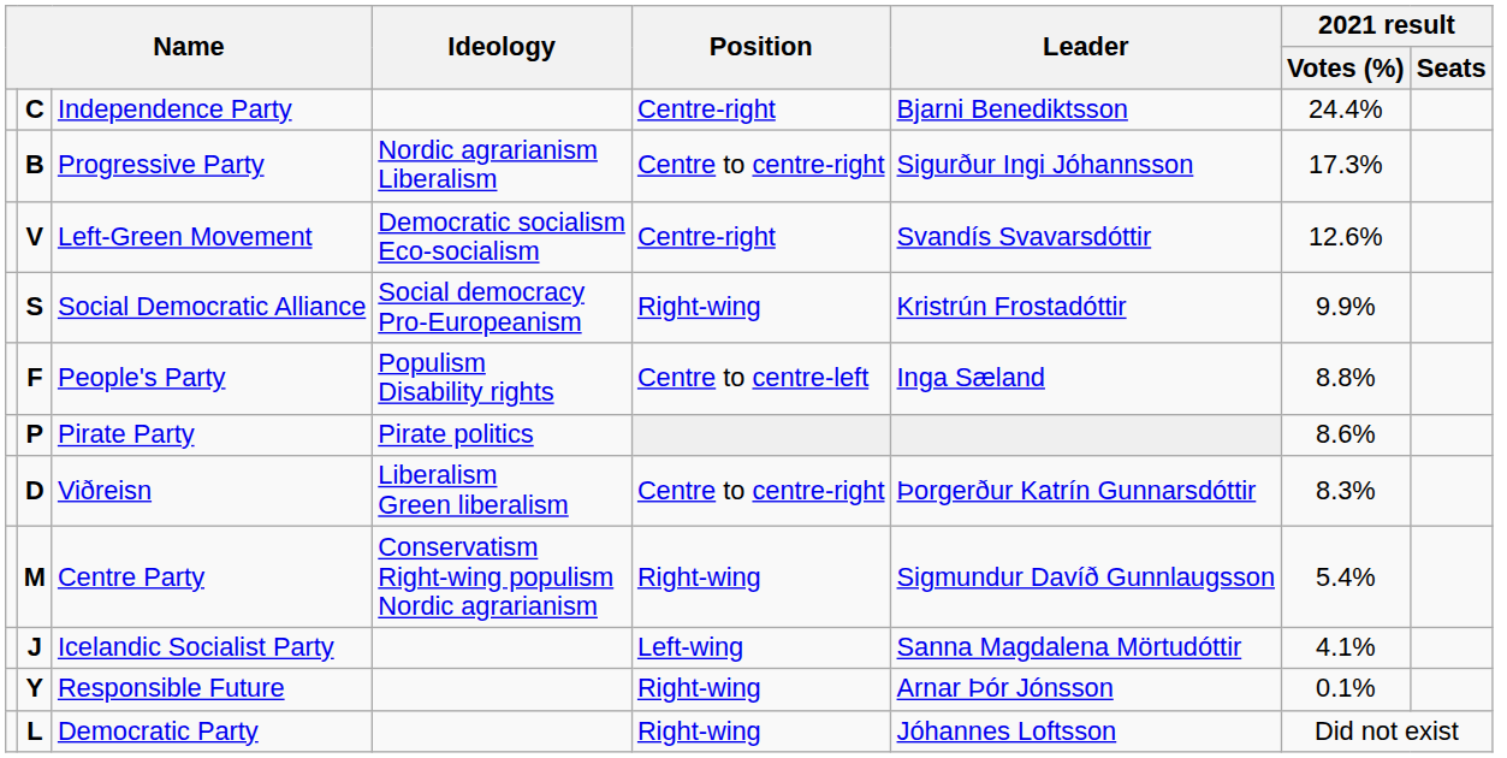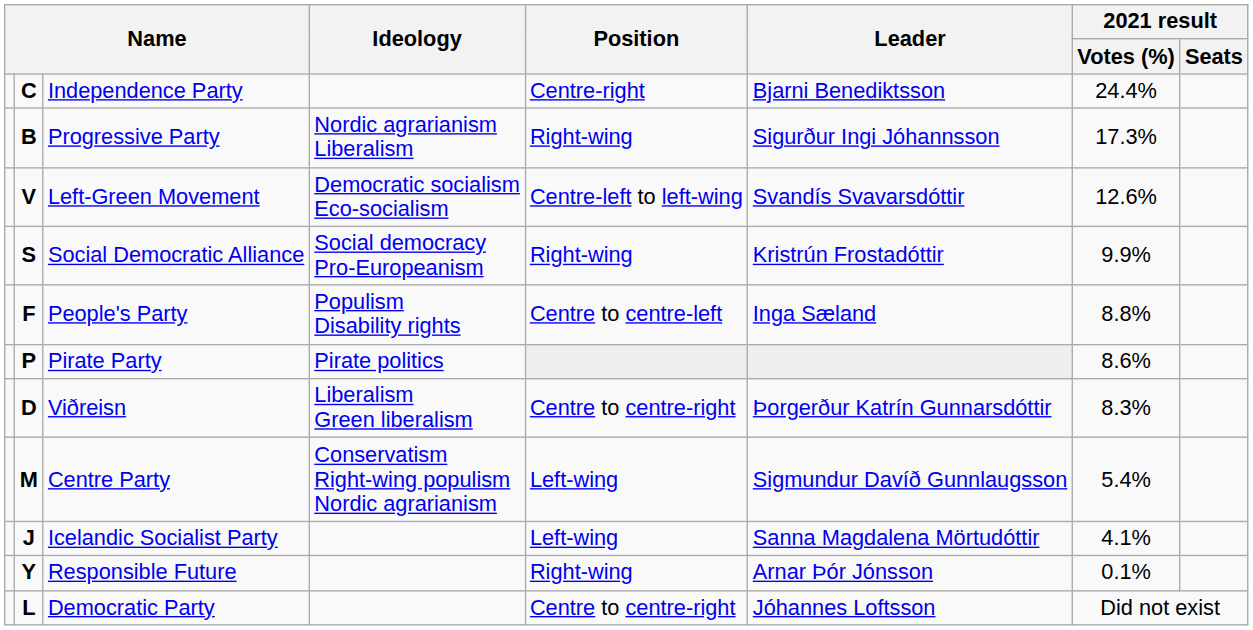 <table class="wikitable">
 <tr>
 <th rowspan="2" colspan="3">Name</th>
 <th rowspan="2">Ideology</th>
 <th rowspan="2">Position</th>
 <th rowspan="2">Leader</th>
 <th colspan="2">2021 result</th>
 </tr>
 <tr>
 <th>Votes (%)</th>
 <th>Seats</th>
 </tr>
 <tr>
 <td style="background:"></td>
 <td style="text-align:center;"><strong>C</strong></td>
 <td><a href='#'>Independence Party</a><br></td>
 <td></td>
 <td><a href='#'>Centre-right</a></td>
 <td><a href='#'>Bjarni Benediktsson</a></td>
 <td style="text-align:center;">24.4%</td>
 <td></td>
 </tr>
 <tr>
 <td style="background:"></td>
 <td style="text-align:center;"><strong>B</strong></td>
 <td><a href='#'>Progressive Party</a><br></td>
 <td><a href='#'>Nordic agrarianism</a><br><a href='#'>Liberalism</a></td>
-<td><a href='#'>Centre</a> to <a href='#'>centre-right</a></td>
+<td><a href='#'>Right-wing</a></td>
 <td><a href='#'>Sigurður Ingi Jóhannsson</a></td>
 <td style="text-align:center;">17.3%</td>
 <td></td>
 </tr>
 <tr>
 <td style="background:"></td>
 <td style="text-align:center;"><strong>V</strong></td>
 <td><a href='#'>Left-Green Movement</a><br></td>
 <td><a href='#'>Democratic socialism</a><br><a href='#'>Eco-socialism</a></td>
-<td><a href='#'>Centre-right</a></td>
+<td><a href='#'>Centre-left</a> to <a href='#'>left-wing</a></td>
 <td><a href='#'>Svandís Svavarsdóttir</a></td>
 <td style="text-align:center;">12.6%</td>
 <td></td>
 </tr>
 <tr>
 <td style="background:"></td>
 <td style="text-align:center;"><strong>S</strong></td>
 <td><a href='#'>Social Democratic Alliance</a><br></td>
 <td><a href='#'>Social democracy</a><br><a href='#'>Pro-Europeanism</a></td>
 <td><a href='#'>Right-wing</a></td>
 <td><a href='#'>Kristrún Frostadóttir</a></td>
 <td style="text-align:center;">9.9%</td>
 <td></td>
 </tr>
 <tr>
 <td style="background:"></td>
 <td style="text-align:center;"><strong>F</strong></td>
 <td><a href='#'>People's Party</a><br></td>
 <td><a href='#'>Populism</a><br><a href='#'>Disability rights</a></td>
 <td><a href='#'>Centre</a> to <a href='#'>centre-left</a></td>
 <td><a href='#'>Inga Sæland</a></td>
 <td style="text-align:center;">8.8%</td>
 <td></td>
 </tr>
 <tr>
 <td style="background:"></td>
 <td style="text-align:center;"><strong>P</strong></td>
 <td><a href='#'>Pirate Party</a><br></td>
 <td><a href='#'>Pirate politics</a></td>
 <td style=background:#efefef></td>
 <td style=background:#efefef></td>
 <td style="text-align:center;">8.6%</td>
 <td></td>
 </tr>
 <tr>
 <td style="background:"></td>
 <td style="text-align:center;"><strong>D</strong></td>
 <td><a href='#'>Viðreisn</a></td>
 <td><a href='#'>Liberalism</a><br><a href='#'>Green liberalism</a></td>
 <td><a href='#'>Centre</a> to <a href='#'>centre-right</a></td>
 <td><a href='#'>Þorgerður Katrín Gunnarsdóttir</a></td>
 <td style="text-align:center;">8.3%</td>
 <td></td>
 </tr>
 <tr>
 <td style="background:"></td>
 <td style="text-align:center;"><strong>M</strong></td>
 <td><a href='#'>Centre Party</a><br></td>
 <td><a href='#'>Conservatism</a><br><a href='#'>Right-wing populism</a><br><a href='#'>Nordic agrarianism</a></td>
-<td><a href='#'>Right-wing</a></td>
+<td><a href='#'>Left-wing</a></td>
 <td><a href='#'>Sigmundur Davíð Gunnlaugsson</a></td>
 <td style="text-align:center;">5.4%</td>
 <td></td>
 </tr>
 <tr>
 <td style="background:"></td>
 <td style="text-align:center;"><strong>J</strong></td>
 <td><a href='#'>Icelandic Socialist Party</a><br></td>
 <td></td>
 <td><a href='#'>Left-wing</a></td>
 <td><a href='#'>Sanna Magdalena Mörtudóttir</a></td>
 <td style="text-align:center;">4.1%</td>
 <td></td>
 </tr>
 <tr>
 <td style="background:"></td>
 <td style="text-align:center;"><strong>Y</strong></td>
 <td><a href='#'>Responsible Future</a><br></td>
 <td></td>
 <td><a href='#'>Right-wing</a></td>
 <td><a href='#'>Arnar Þór Jónsson</a></td>
 <td style="text-align:center;">0.1%</td>
 <td></td>
 </tr>
 <tr>
 <td style="background:"></td>
 <td style="text-align:center;"><strong>L</strong></td>
 <td><a href='#'>Democratic Party</a><br></td>
 <td></td>
-<td><a href='#'>Right-wing</a></td>
+<td><a href='#'>Centre</a> to <a href='#'>centre-right</a></td>
 <td><a href='#'>Jóhannes Loftsson</a></td>
 <td style="text-align:center;" colspan=2>Did not exist</td>
 </tr>
 </table>
